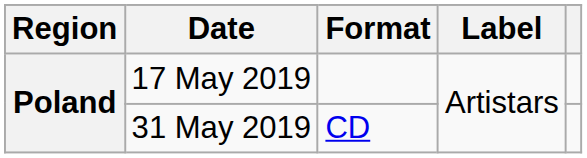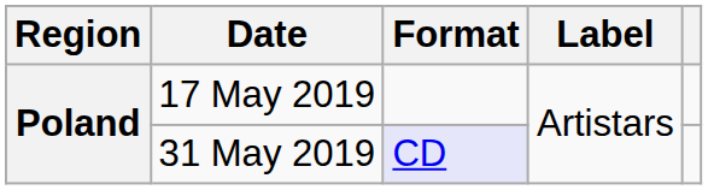 <table class="wikitable plainrowheaders">
 <tr>
 <th scope="col">Region</th>
 <th scope="col">Date</th>
 <th scope="col">Format</th>
 <th scope="col">Label</th>
 <th scope="col"></th>
 </tr>
 <tr>
 <th scope="row" rowspan="2">Poland</th>
 <td>17 May 2019</td>
 <td></td>
 <td rowspan="2">Artistars</td>
 <td align="center"></td>
 </tr>
 <tr>
 <td>31 May 2019</td>
-<td><a href='#'>CD</a></td>
+<td style="background: lavender;"><a href='#'>CD</a></td>
 <td align="center"></td>
 </tr>
 </table>
